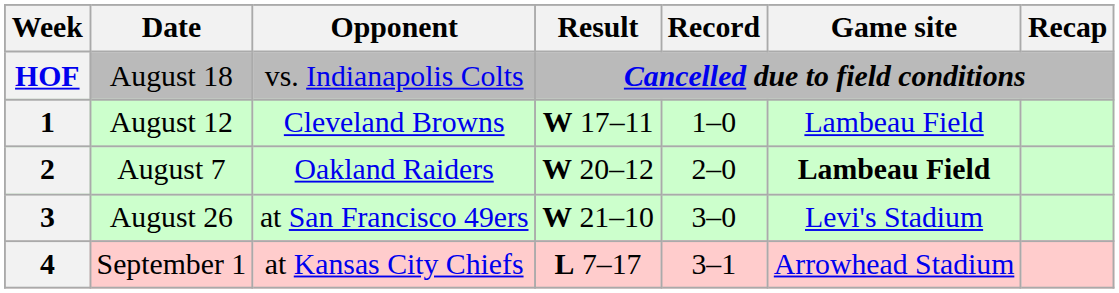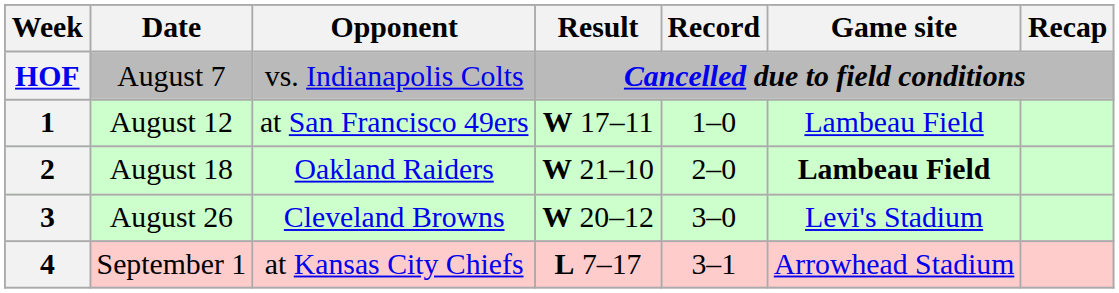 <table class="wikitable" style="text-align:center">
 <tr>
 <th>Week</th>
 <th>Date</th>
 <th>Opponent</th>
 <th>Result</th>
 <th>Record</th>
 <th>Game site</th>
 <th>Recap</th>
 </tr>
 <tr style="background:#bababa">
 <th><a href='#'>HOF</a></th>
-<td>August 18</td>
+<td>August 7</td>
 <td>vs. <a href='#'>Indianapolis Colts</a></td>
 <td colspan="5"><strong><em><a href='#'>Cancelled</a> due to field conditions</em></strong></td>
 </tr>
 <tr bgcolor=ccffcc>
 <th>1</th>
 <td>August 12</td>
-<td><a href='#'>Cleveland Browns</a></td>
+<td>at <a href='#'>San Francisco 49ers</a></td>
 <td><strong>W</strong> 17–11</td>
 <td>1–0</td>
 <td><a href='#'>Lambeau Field</a></td>
 <td></td>
 </tr>
 <tr bgcolor=ccffcc>
 <th>2</th>
-<td>August 7</td>
+<td>August 18</td>
 <td><a href='#'>Oakland Raiders</a></td>
-<td><strong>W</strong> 20–12</td>
+<td><strong>W</strong> 21–10</td>
 <td>2–0</td>
 <td><strong>Lambeau Field</strong></td>
 <td></td>
 </tr>
 <tr bgcolor=ccffcc>
 <th>3</th>
 <td>August 26</td>
-<td>at <a href='#'>San Francisco 49ers</a></td>
-<td><strong>W</strong> 21–10</td>
+<td><a href='#'>Cleveland Browns</a></td>
+<td><strong>W</strong> 20–12</td>
 <td>3–0</td>
 <td><a href='#'>Levi's Stadium</a></td>
 <td></td>
 </tr>
 <tr bgcolor=ffcccc>
 <th>4</th>
 <td>September 1</td>
 <td>at <a href='#'>Kansas City Chiefs</a></td>
 <td><strong>L</strong> 7–17</td>
 <td>3–1</td>
 <td><a href='#'>Arrowhead Stadium</a></td>
 <td></td>
 </tr>
 </table>
